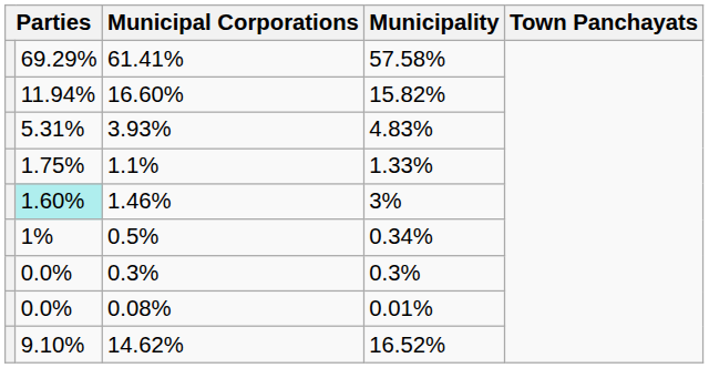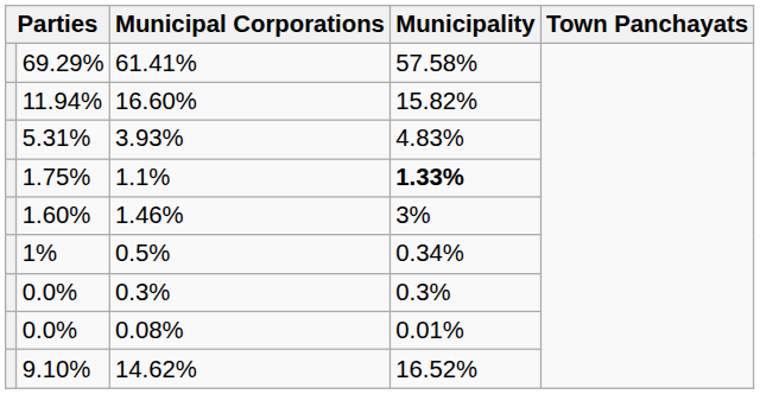 <table class="wikitable sortable">
 <tr>
 <th colspan="2">Parties</th>
 <th>Municipal Corporations</th>
 <th>Municipality</th>
 <th>Town Panchayats</th>
 </tr>
 <tr>
 <th></th>
 <td>69.29%</td>
 <td>61.41%</td>
 <td>57.58%</td>
 </tr>
 <tr>
 <th></th>
 <td>11.94%</td>
 <td>16.60%</td>
 <td>15.82%</td>
 </tr>
 <tr>
 <th></th>
 <td>5.31%</td>
 <td>3.93%</td>
 <td>4.83%</td>
 </tr>
 <tr>
 <th></th>
 <td>1.75%</td>
 <td>1.1%</td>
-<td>1.33%</td>
+<td><strong>1.33%</strong></td>
 </tr>
 <tr>
 <th></th>
-<td style="background: paleturquoise;">1.60%</td>
+<td>1.60%</td>
 <td>1.46%</td>
 <td>3%</td>
 </tr>
 <tr>
 <th></th>
 <td>1%</td>
 <td>0.5%</td>
 <td>0.34%</td>
 </tr>
 <tr>
 <th></th>
 <td>0.0%</td>
 <td>0.3%</td>
 <td>0.3%</td>
 </tr>
 <tr>
 <th></th>
 <td>0.0%</td>
 <td>0.08%</td>
 <td>0.01%</td>
 </tr>
 <tr>
 <th></th>
 <td>9.10%</td>
 <td>14.62%</td>
 <td>16.52%</td>
 </tr>
 </table>
